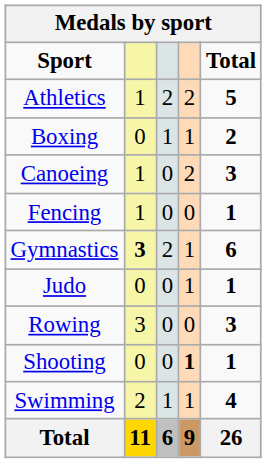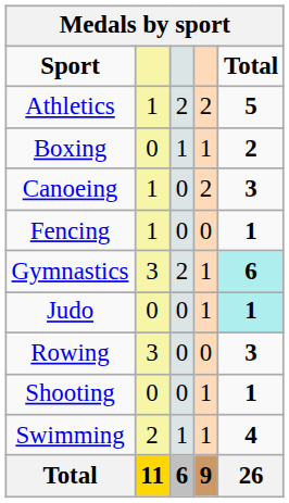 <table class="wikitable" style="font-size:85%; float: right;">
 <tr style="background:#efefef;">
 <th colspan=5><strong>Medals by sport</strong></th>
 </tr>
 <tr align=center>
 <td><strong>Sport</strong></td>
 <td bgcolor=#f7f6a8></td>
 <td bgcolor=#dce5e5></td>
 <td bgcolor=#ffdab9></td>
 <td><strong>Total</strong></td>
 </tr>
 <tr align=center>
 <td><a href='#'>Athletics</a></td>
 <td style="background:#F7F6A8;">1</td>
 <td style="background:#DCE5E5;">2</td>
 <td style="background:#FFDAB9;">2</td>
 <td><strong>5</strong></td>
 </tr>
 <tr align=center>
 <td><a href='#'>Boxing</a></td>
 <td style="background:#F7F6A8;">0</td>
 <td style="background:#DCE5E5;">1</td>
 <td style="background:#FFDAB9;">1</td>
 <td><strong>2</strong></td>
 </tr>
 <tr align=center>
 <td><a href='#'>Canoeing</a></td>
 <td style="background:#F7F6A8;">1</td>
 <td style="background:#DCE5E5;">0</td>
 <td style="background:#FFDAB9;">2</td>
 <td><strong>3</strong></td>
 </tr>
 <tr align=center>
 <td><a href='#'>Fencing</a></td>
 <td style="background:#F7F6A8;">1</td>
 <td style="background:#DCE5E5;">0</td>
 <td style="background:#FFDAB9;">0</td>
 <td><strong>1</strong></td>
 </tr>
 <tr align=center>
 <td><a href='#'>Gymnastics</a></td>
-<td style="background:#F7F6A8;"><strong>3</strong></td>
+<td style="background:#F7F6A8;">3</td>
 <td style="background:#DCE5E5;">2</td>
 <td style="background:#FFDAB9;">1</td>
-<td><strong>6</strong></td>
+<td style="background: paleturquoise;"><strong>6</strong></td>
 </tr>
 <tr align=center>
 <td><a href='#'>Judo</a></td>
 <td style="background:#F7F6A8;">0</td>
 <td style="background:#DCE5E5;">0</td>
 <td style="background:#FFDAB9;">1</td>
-<td><strong>1</strong></td>
+<td style="background: paleturquoise;"><strong>1</strong></td>
 </tr>
 <tr align=center>
 <td><a href='#'>Rowing</a></td>
 <td style="background:#F7F6A8;">3</td>
 <td style="background:#DCE5E5;">0</td>
 <td style="background:#FFDAB9;">0</td>
 <td><strong>3</strong></td>
 </tr>
 <tr align=center>
 <td><a href='#'>Shooting</a></td>
 <td style="background:#F7F6A8;">0</td>
 <td style="background:#DCE5E5;">0</td>
-<td style="background:#FFDAB9;"><strong>1</strong></td>
+<td style="background:#FFDAB9;">1</td>
 <td><strong>1</strong></td>
 </tr>
 <tr align=center>
 <td><a href='#'>Swimming</a></td>
 <td style="background:#F7F6A8;">2</td>
 <td style="background:#DCE5E5;">1</td>
 <td style="background:#FFDAB9;">1</td>
 <td><strong>4</strong></td>
 </tr>
 <tr align=center>
 <th><strong>Total</strong></th>
 <th style="background:gold;"><strong>11</strong></th>
 <th style="background:silver;"><strong>6</strong></th>
 <th style="background:#c96;"><strong>9</strong></th>
 <th><strong>26</strong></th>
 </tr>
 </table>
